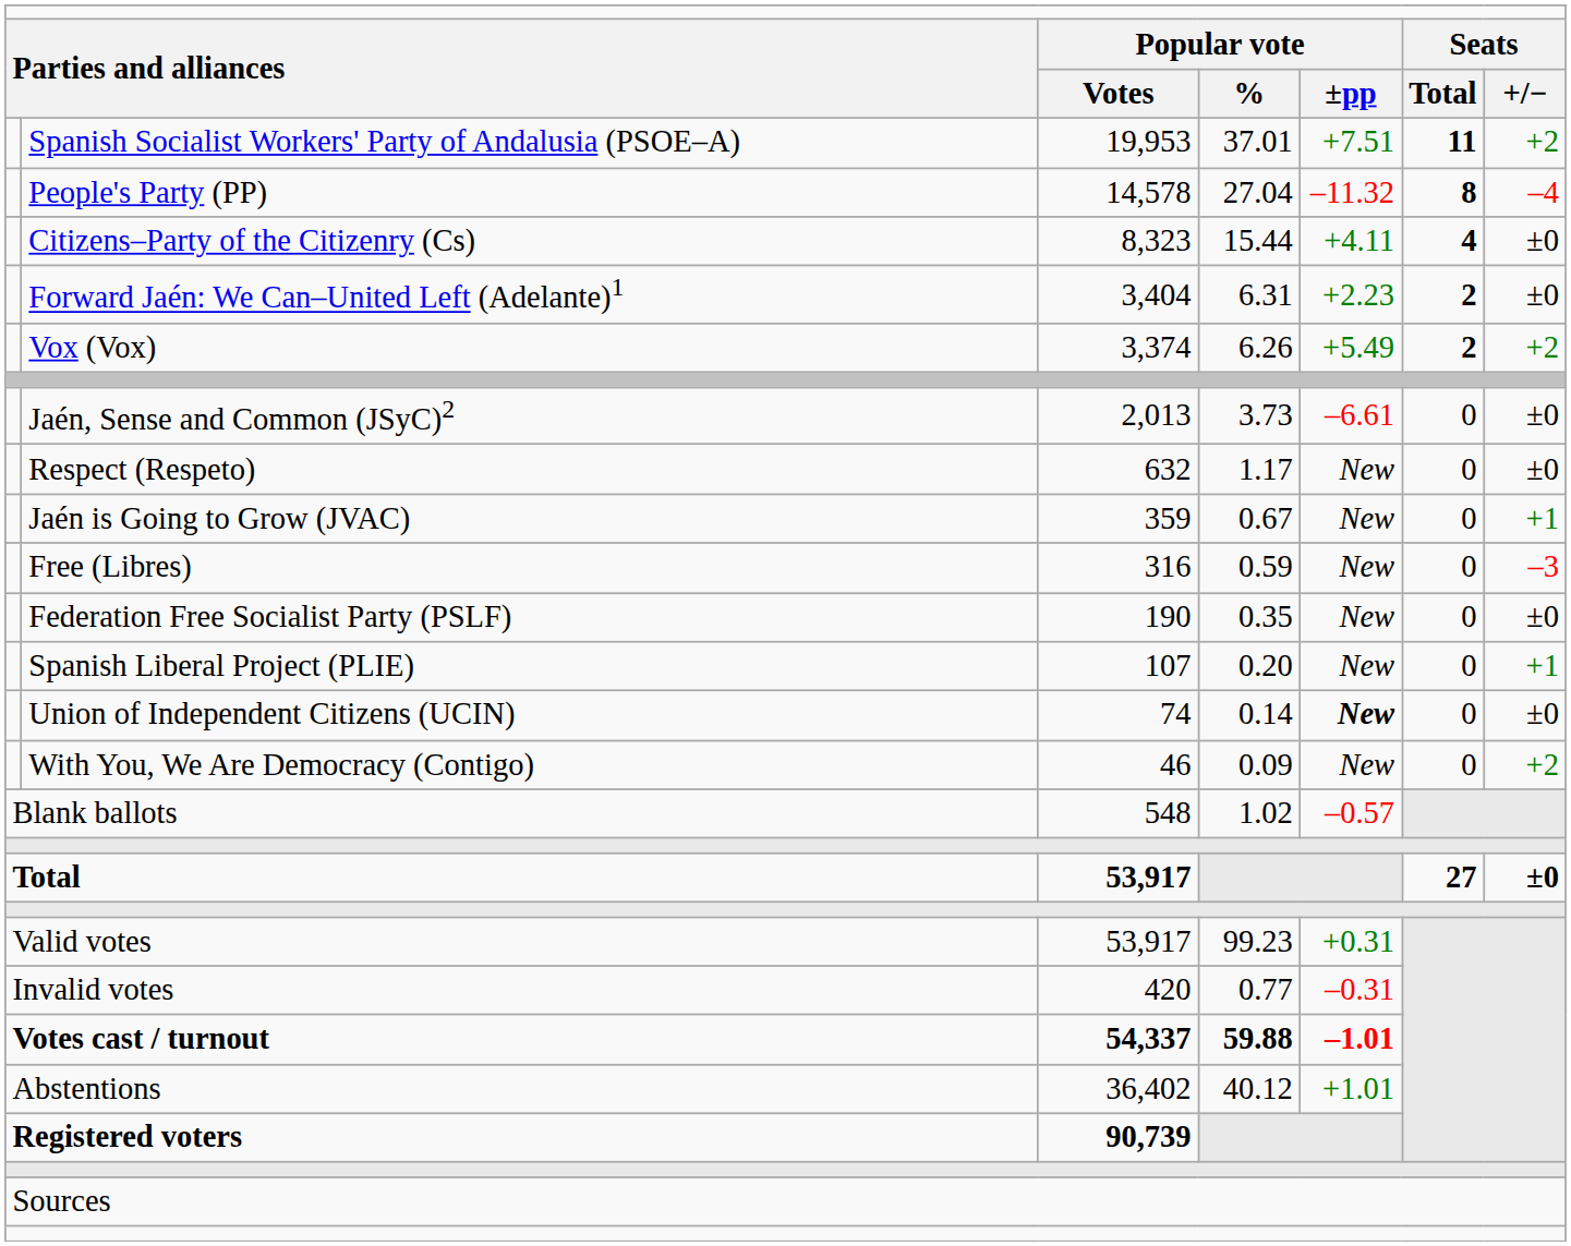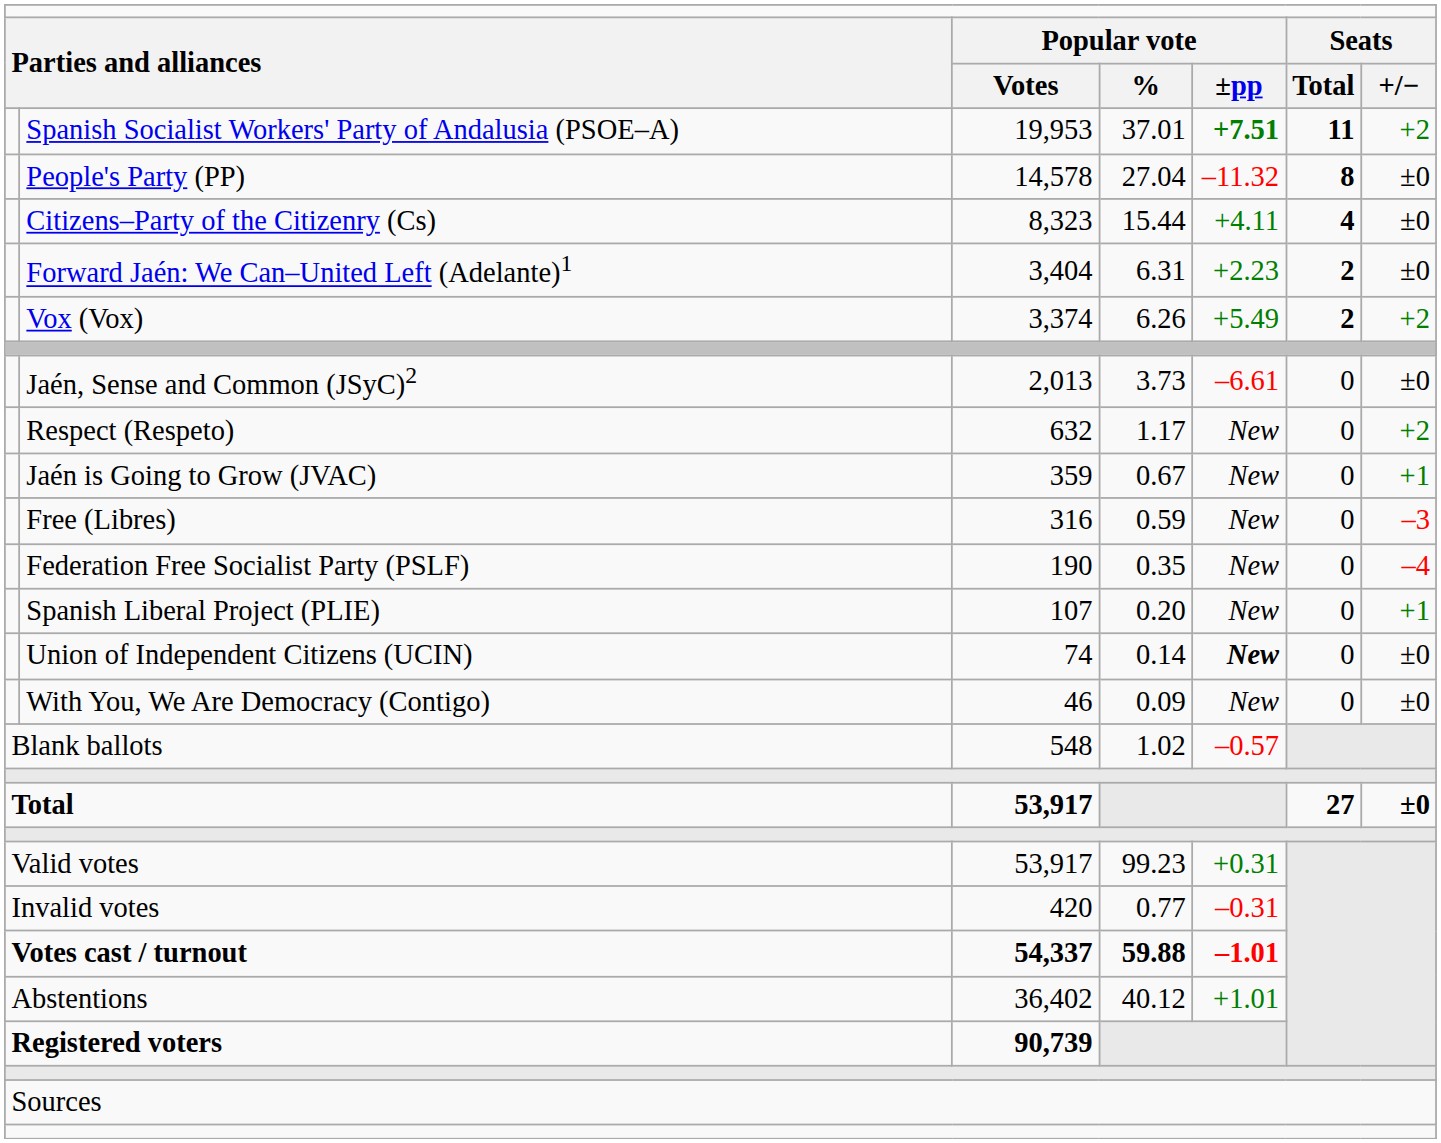 <table class="wikitable" style="text-align:right;">
 <tr>
 <td colspan="7"></td>
 </tr>
 <tr>
 <th style="text-align:left;" rowspan="2" colspan="2" width="525">Parties and alliances</th>
 <th colspan="3">Popular vote</th>
 <th colspan="2">Seats</th>
 </tr>
 <tr>
 <th width="75">Votes</th>
 <th width="45">%</th>
 <th width="45">±<a href='#'>pp</a></th>
 <th width="35">Total</th>
 <th width="35">+/−</th>
 </tr>
 <tr>
 <td width="1" style="color:inherit;background:"></td>
 <td align="left"><a href='#'>Spanish Socialist Workers' Party of Andalusia</a> (PSOE–A)</td>
 <td>19,953</td>
 <td>37.01</td>
-<td style="color:green;">+7.51</td>
+<td style="color:green;"><strong>+7.51</strong></td>
 <td><strong>11</strong></td>
 <td style="color:green;">+2</td>
 </tr>
 <tr>
 <td style="color:inherit;background:"></td>
 <td align="left"><a href='#'>People's Party</a> (PP)</td>
 <td>14,578</td>
 <td>27.04</td>
 <td style="color:red;">–11.32</td>
 <td><strong>8</strong></td>
-<td style="color:red;">–4</td>
+<td>±0</td>
 </tr>
 <tr>
 <td style="color:inherit;background:"></td>
 <td align="left"><a href='#'>Citizens–Party of the Citizenry</a> (Cs)</td>
 <td>8,323</td>
 <td>15.44</td>
 <td style="color:green;">+4.11</td>
 <td><strong>4</strong></td>
 <td>±0</td>
 </tr>
 <tr>
 <td style="color:inherit;background:"></td>
 <td align="left"><a href='#'>Forward Jaén: We Can–United Left</a> (Adelante)<sup>1</sup></td>
 <td>3,404</td>
 <td>6.31</td>
 <td style="color:green;">+2.23</td>
 <td><strong>2</strong></td>
 <td>±0</td>
 </tr>
 <tr>
 <td style="color:inherit;background:"></td>
 <td align="left"><a href='#'>Vox</a> (Vox)</td>
 <td>3,374</td>
 <td>6.26</td>
 <td style="color:green;">+5.49</td>
 <td><strong>2</strong></td>
 <td style="color:green;">+2</td>
 </tr>
 <tr>
 <td colspan="7" bgcolor="#C0C0C0"></td>
 </tr>
 <tr>
 <td style="color:inherit;background:"></td>
 <td align="left">Jaén, Sense and Common (JSyC)<sup>2</sup></td>
 <td>2,013</td>
 <td>3.73</td>
 <td style="color:red;">–6.61</td>
 <td>0</td>
 <td>±0</td>
 </tr>
 <tr>
 <td style="color:inherit;background:"></td>
 <td align="left">Respect (Respeto)</td>
 <td>632</td>
 <td>1.17</td>
 <td><em>New</em></td>
 <td>0</td>
-<td>±0</td>
+<td style="color:green;">+2</td>
 </tr>
 <tr>
 <td style="color:inherit;background:"></td>
 <td align="left">Jaén is Going to Grow (JVAC)</td>
 <td>359</td>
 <td>0.67</td>
 <td><em>New</em></td>
 <td>0</td>
 <td style="color:green;">+1</td>
 </tr>
 <tr>
 <td style="color:inherit;background:"></td>
 <td align="left">Free (Libres)</td>
 <td>316</td>
 <td>0.59</td>
 <td><em>New</em></td>
 <td>0</td>
 <td style="color:red;">–3</td>
 </tr>
 <tr>
 <td style="color:inherit;background:"></td>
 <td align="left">Federation Free Socialist Party (PSLF)</td>
 <td>190</td>
 <td>0.35</td>
 <td><em>New</em></td>
 <td>0</td>
-<td>±0</td>
+<td style="color:red;">–4</td>
 </tr>
 <tr>
 <td style="color:inherit;background:"></td>
 <td align="left">Spanish Liberal Project (PLIE)</td>
 <td>107</td>
 <td>0.20</td>
 <td><em>New</em></td>
 <td>0</td>
 <td style="color:green;">+1</td>
 </tr>
 <tr>
 <td style="color:inherit;background:"></td>
 <td align="left">Union of Independent Citizens (UCIN)</td>
 <td>74</td>
 <td>0.14</td>
 <td><strong><em>New</em></strong></td>
 <td>0</td>
 <td>±0</td>
 </tr>
 <tr>
 <td style="color:inherit;background:"></td>
 <td align="left">With You, We Are Democracy (Contigo)</td>
 <td>46</td>
 <td>0.09</td>
 <td><em>New</em></td>
 <td>0</td>
-<td style="color:green;">+2</td>
+<td>±0</td>
 </tr>
 <tr>
 <td align="left" colspan="2">Blank ballots</td>
 <td>548</td>
 <td>1.02</td>
 <td style="color:red;">–0.57</td>
 <td bgcolor="#E9E9E9" colspan="2"></td>
 </tr>
 <tr>
 <td colspan="7" bgcolor="#E9E9E9"></td>
 </tr>
 <tr style="font-weight:bold;">
 <td align="left" colspan="2">Total</td>
 <td>53,917</td>
 <td bgcolor="#E9E9E9" colspan="2"></td>
 <td>27</td>
 <td>±0</td>
 </tr>
 <tr>
 <td colspan="7" bgcolor="#E9E9E9"></td>
 </tr>
 <tr>
 <td align="left" colspan="2">Valid votes</td>
 <td>53,917</td>
 <td>99.23</td>
 <td style="color:green;">+0.31</td>
 <td bgcolor="#E9E9E9" colspan="2" rowspan="5"></td>
 </tr>
 <tr>
 <td align="left" colspan="2">Invalid votes</td>
 <td>420</td>
 <td>0.77</td>
 <td style="color:red;">–0.31</td>
 </tr>
 <tr style="font-weight:bold;">
 <td align="left" colspan="2">Votes cast / turnout</td>
 <td>54,337</td>
 <td>59.88</td>
 <td style="color:red;">–1.01</td>
 </tr>
 <tr>
 <td align="left" colspan="2">Abstentions</td>
 <td>36,402</td>
 <td>40.12</td>
 <td style="color:green;">+1.01</td>
 </tr>
 <tr style="font-weight:bold;">
 <td align="left" colspan="2">Registered voters</td>
 <td>90,739</td>
 <td bgcolor="#E9E9E9" colspan="2"></td>
 </tr>
 <tr>
 <td colspan="7" bgcolor="#E9E9E9"></td>
 </tr>
 <tr>
 <td align="left" colspan="7">Sources</td>
 </tr>
 <tr>
 <td colspan="7" style="text-align:left; max-width:790px;"></td>
 </tr>
 </table>
